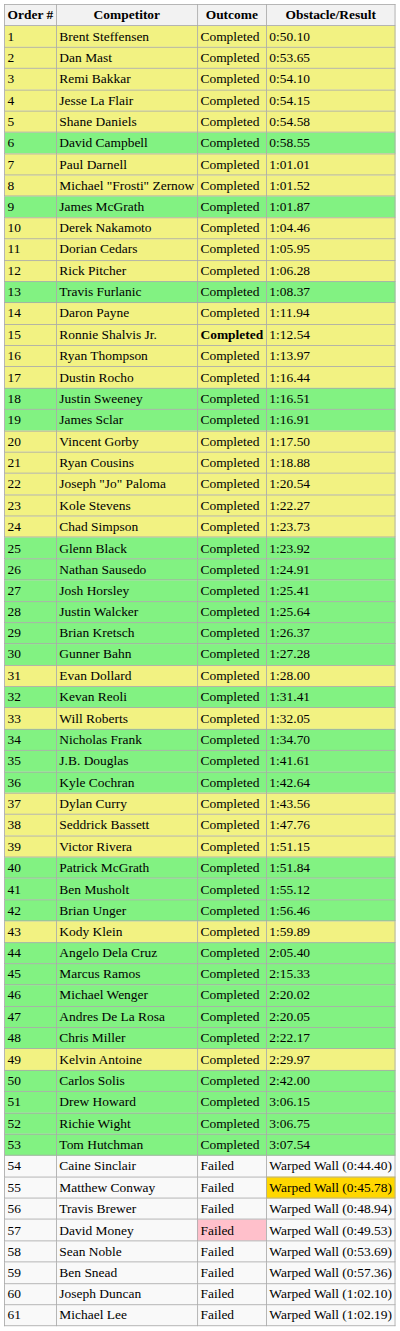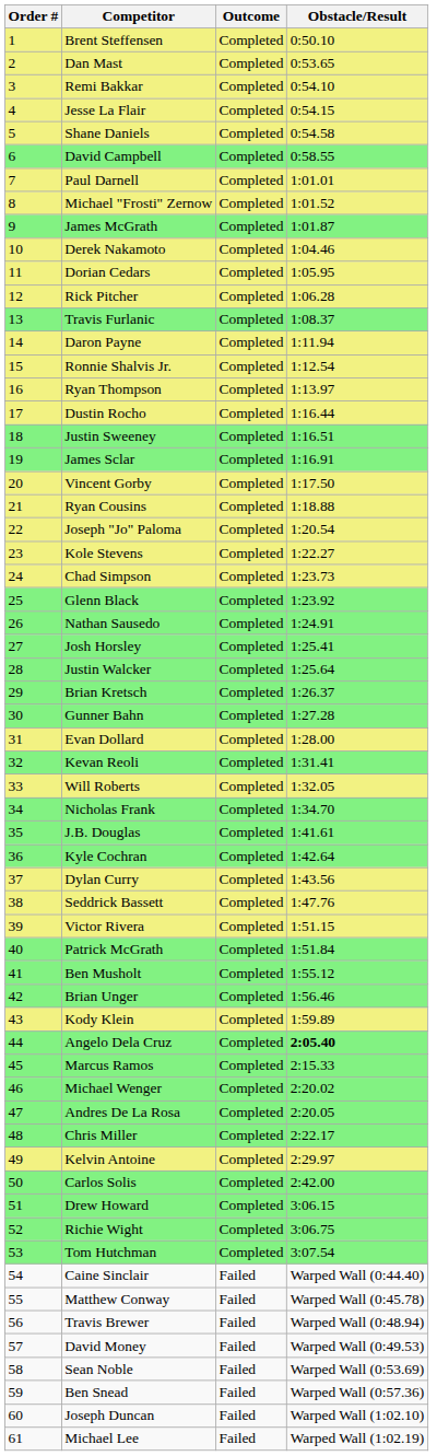 <table class="wikitable sortable">
 <tr>
 <th>Order #</th>
 <th>Competitor</th>
 <th>Outcome</th>
 <th>Obstacle/Result</th>
 </tr>
 <tr style="background-color:#f2f282">
 <td>1</td>
 <td>Brent Steffensen</td>
 <td>Completed</td>
 <td>0:50.10</td>
 </tr>
 <tr style="background-color:#f2f282">
 <td>2</td>
 <td>Dan Mast</td>
 <td>Completed</td>
 <td>0:53.65</td>
 </tr>
 <tr style="background-color:#f2f282">
 <td>3</td>
 <td>Remi Bakkar</td>
 <td>Completed</td>
 <td>0:54.10</td>
 </tr>
 <tr style="background-color:#f2f282">
 <td>4</td>
 <td>Jesse La Flair</td>
 <td>Completed</td>
 <td>0:54.15</td>
 </tr>
 <tr style="background-color:#f2f282">
 <td>5</td>
 <td>Shane Daniels</td>
 <td>Completed</td>
 <td>0:54.58</td>
 </tr>
 <tr style="background-color:#82f282">
 <td>6</td>
 <td>David Campbell</td>
 <td>Completed</td>
 <td>0:58.55</td>
 </tr>
 <tr style="background-color:#f2f282">
 <td>7</td>
 <td>Paul Darnell</td>
 <td>Completed</td>
 <td>1:01.01</td>
 </tr>
 <tr style="background-color:#f2f282">
 <td>8</td>
 <td>Michael "Frosti" Zernow</td>
 <td>Completed</td>
 <td>1:01.52</td>
 </tr>
 <tr style="background-color:#82f282">
 <td>9</td>
 <td>James McGrath</td>
 <td>Completed</td>
 <td>1:01.87</td>
 </tr>
 <tr style="background-color:#f2f282">
 <td>10</td>
 <td>Derek Nakamoto</td>
 <td>Completed</td>
 <td>1:04.46</td>
 </tr>
 <tr style="background-color:#f2f282">
 <td>11</td>
 <td>Dorian Cedars</td>
 <td>Completed</td>
 <td>1:05.95</td>
 </tr>
 <tr style="background-color:#f2f282">
 <td>12</td>
 <td>Rick Pitcher</td>
 <td>Completed</td>
 <td>1:06.28</td>
 </tr>
 <tr style="background-color:#82f282">
 <td>13</td>
 <td>Travis Furlanic</td>
 <td>Completed</td>
 <td>1:08.37</td>
 </tr>
 <tr style="background-color:#f2f282">
 <td>14</td>
 <td>Daron Payne</td>
 <td>Completed</td>
 <td>1:11.94</td>
 </tr>
 <tr style="background-color:#f2f282">
 <td>15</td>
 <td>Ronnie Shalvis Jr.</td>
-<td><strong>Completed</strong></td>
+<td>Completed</td>
 <td>1:12.54</td>
 </tr>
 <tr style="background-color:#f2f282">
 <td>16</td>
 <td>Ryan Thompson</td>
 <td>Completed</td>
 <td>1:13.97</td>
 </tr>
 <tr style="background-color:#f2f282">
 <td>17</td>
 <td>Dustin Rocho</td>
 <td>Completed</td>
 <td>1:16.44</td>
 </tr>
 <tr style="background-color:#82f282">
 <td>18</td>
 <td>Justin Sweeney</td>
 <td>Completed</td>
 <td>1:16.51</td>
 </tr>
 <tr style="background-color:#82f282">
 <td>19</td>
 <td>James Sclar</td>
 <td>Completed</td>
 <td>1:16.91</td>
 </tr>
 <tr style="background-color:#f2f282">
 <td>20</td>
 <td>Vincent Gorby</td>
 <td>Completed</td>
 <td>1:17.50</td>
 </tr>
 <tr style="background-color:#f2f282">
 <td>21</td>
 <td>Ryan Cousins</td>
 <td>Completed</td>
 <td>1:18.88</td>
 </tr>
 <tr style="background-color:#f2f282">
 <td>22</td>
 <td>Joseph "Jo" Paloma</td>
 <td>Completed</td>
 <td>1:20.54</td>
 </tr>
 <tr style="background-color:#f2f282">
 <td>23</td>
 <td>Kole Stevens</td>
 <td>Completed</td>
 <td>1:22.27</td>
 </tr>
 <tr style="background-color:#f2f282">
 <td>24</td>
 <td>Chad Simpson</td>
 <td>Completed</td>
 <td>1:23.73</td>
 </tr>
 <tr style="background-color:#82f282">
 <td>25</td>
 <td>Glenn Black</td>
 <td>Completed</td>
 <td>1:23.92</td>
 </tr>
 <tr style="background-color:#82f282">
 <td>26</td>
 <td>Nathan Sausedo</td>
 <td>Completed</td>
 <td>1:24.91</td>
 </tr>
 <tr style="background-color:#82f282">
 <td>27</td>
 <td>Josh Horsley</td>
 <td>Completed</td>
 <td>1:25.41</td>
 </tr>
 <tr style="background-color:#82f282">
 <td>28</td>
 <td>Justin Walcker</td>
 <td>Completed</td>
 <td>1:25.64</td>
 </tr>
 <tr style="background-color:#82f282">
 <td>29</td>
 <td>Brian Kretsch</td>
 <td>Completed</td>
 <td>1:26.37</td>
 </tr>
 <tr style="background-color:#82f282">
 <td>30</td>
 <td>Gunner Bahn</td>
 <td>Completed</td>
 <td>1:27.28</td>
 </tr>
 <tr style="background-color:#f2f282">
 <td>31</td>
 <td>Evan Dollard</td>
 <td>Completed</td>
 <td>1:28.00</td>
 </tr>
 <tr style="background-color:#82f282">
 <td>32</td>
 <td>Kevan Reoli</td>
 <td>Completed</td>
 <td>1:31.41</td>
 </tr>
 <tr style="background-color:#f2f282">
 <td>33</td>
 <td>Will Roberts</td>
 <td>Completed</td>
 <td>1:32.05</td>
 </tr>
 <tr style="background-color:#82f282">
 <td>34</td>
 <td>Nicholas Frank</td>
 <td>Completed</td>
 <td>1:34.70</td>
 </tr>
 <tr style="background-color:#82f282">
 <td>35</td>
 <td>J.B. Douglas</td>
 <td>Completed</td>
 <td>1:41.61</td>
 </tr>
 <tr style="background-color:#82f282">
 <td>36</td>
 <td>Kyle Cochran</td>
 <td>Completed</td>
 <td>1:42.64</td>
 </tr>
 <tr style="background-color:#f2f282">
 <td>37</td>
 <td>Dylan Curry</td>
 <td>Completed</td>
 <td>1:43.56</td>
 </tr>
 <tr style="background-color:#f2f282">
 <td>38</td>
 <td>Seddrick Bassett</td>
 <td>Completed</td>
 <td>1:47.76</td>
 </tr>
 <tr style="background-color:#f2f282">
 <td>39</td>
 <td>Victor Rivera</td>
 <td>Completed</td>
 <td>1:51.15</td>
 </tr>
 <tr style="background-color:#82f282">
 <td>40</td>
 <td>Patrick McGrath</td>
 <td>Completed</td>
 <td>1:51.84</td>
 </tr>
 <tr style="background-color:#82f282">
 <td>41</td>
 <td>Ben Musholt</td>
 <td>Completed</td>
 <td>1:55.12</td>
 </tr>
 <tr style="background-color:#82f282">
 <td>42</td>
 <td>Brian Unger</td>
 <td>Completed</td>
 <td>1:56.46</td>
 </tr>
 <tr style="background-color:#f2f282">
 <td>43</td>
 <td>Kody Klein</td>
 <td>Completed</td>
 <td>1:59.89</td>
 </tr>
 <tr style="background-color:#82f282">
 <td>44</td>
 <td>Angelo Dela Cruz</td>
 <td>Completed</td>
-<td>2:05.40</td>
+<td><strong>2:05.40</strong></td>
 </tr>
 <tr style="background-color:#82f282">
 <td>45</td>
 <td>Marcus Ramos</td>
 <td>Completed</td>
 <td>2:15.33</td>
 </tr>
 <tr style="background-color:#82f282">
 <td>46</td>
 <td>Michael Wenger</td>
 <td>Completed</td>
 <td>2:20.02</td>
 </tr>
 <tr style="background-color:#82f282">
 <td>47</td>
 <td>Andres De La Rosa</td>
 <td>Completed</td>
 <td>2:20.05</td>
 </tr>
 <tr style="background-color:#82f282">
 <td>48</td>
 <td>Chris Miller</td>
 <td>Completed</td>
 <td>2:22.17</td>
 </tr>
 <tr style="background-color:#f2f282">
 <td>49</td>
 <td>Kelvin Antoine</td>
 <td>Completed</td>
 <td>2:29.97</td>
 </tr>
 <tr style="background-color:#82f282">
 <td>50</td>
 <td>Carlos Solis</td>
 <td>Completed</td>
 <td>2:42.00</td>
 </tr>
 <tr style="background-color:#82f282">
 <td>51</td>
 <td>Drew Howard</td>
 <td>Completed</td>
 <td>3:06.15</td>
 </tr>
 <tr style="background-color:#82f282">
 <td>52</td>
 <td>Richie Wight</td>
 <td>Completed</td>
 <td>3:06.75</td>
 </tr>
 <tr style="background-color:#82f282">
 <td>53</td>
 <td>Tom Hutchman</td>
 <td>Completed</td>
 <td>3:07.54</td>
 </tr>
 <tr>
 <td>54</td>
 <td>Caine Sinclair</td>
 <td>Failed</td>
 <td>Warped Wall (0:44.40)</td>
 </tr>
 <tr>
 <td>55</td>
 <td>Matthew Conway</td>
 <td>Failed</td>
-<td style="background: gold;">Warped Wall (0:45.78)</td>
+<td>Warped Wall (0:45.78)</td>
 </tr>
 <tr>
 <td>56</td>
 <td>Travis Brewer</td>
 <td>Failed</td>
 <td>Warped Wall (0:48.94)</td>
 </tr>
 <tr>
 <td>57</td>
 <td>David Money</td>
-<td style="background: pink;">Failed</td>
+<td>Failed</td>
 <td>Warped Wall (0:49.53)</td>
 </tr>
 <tr>
 <td>58</td>
 <td>Sean Noble</td>
 <td>Failed</td>
 <td>Warped Wall (0:53.69)</td>
 </tr>
 <tr>
 <td>59</td>
 <td>Ben Snead</td>
 <td>Failed</td>
 <td>Warped Wall (0:57.36)</td>
 </tr>
 <tr>
 <td>60</td>
 <td>Joseph Duncan</td>
 <td>Failed</td>
 <td>Warped Wall (1:02.10)</td>
 </tr>
 <tr>
 <td>61</td>
 <td>Michael Lee</td>
 <td>Failed</td>
 <td>Warped Wall (1:02.19)</td>
 </tr>
 </table>
